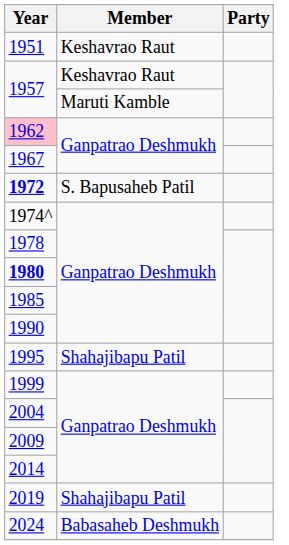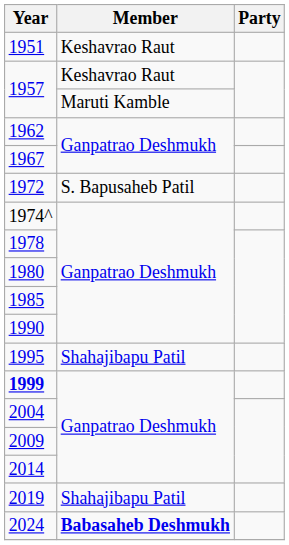 <table class="wikitable">
 <tr>
 <th>Year</th>
 <th>Member</th>
 <th colspan="2">Party</th>
 </tr>
 <tr>
 <td><a href='#'>1951</a></td>
 <td>Keshavrao Raut</td>
 <td></td>
 </tr>
 <tr>
 <td rowspan="2"><a href='#'>1957</a></td>
 <td>Keshavrao Raut</td>
 </tr>
 <tr>
 <td>Maruti Kamble</td>
 </tr>
 <tr>
-<td style="background: pink;"><a href='#'>1962</a></td>
+<td><a href='#'>1962</a></td>
 <td rowspan="2"><a href='#'>Ganpatrao Deshmukh</a></td>
 <td></td>
 </tr>
 <tr>
 <td><a href='#'>1967</a></td>
 </tr>
 <tr>
-<td><strong><a href='#'>1972</a></strong></td>
+<td><a href='#'>1972</a></td>
 <td>S. Bapusaheb Patil</td>
 <td></td>
 </tr>
 <tr>
 <td>1974^</td>
 <td rowspan="5"><a href='#'>Ganpatrao Deshmukh</a></td>
 <td></td>
 </tr>
 <tr>
 <td><a href='#'>1978</a></td>
 </tr>
 <tr>
-<td><strong><a href='#'>1980</a></strong></td>
+<td><a href='#'>1980</a></td>
 </tr>
 <tr>
 <td><a href='#'>1985</a></td>
 </tr>
 <tr>
 <td><a href='#'>1990</a></td>
 </tr>
 <tr>
 <td><a href='#'>1995</a></td>
 <td><a href='#'>Shahajibapu Patil</a></td>
 <td></td>
 </tr>
 <tr>
-<td><a href='#'>1999</a></td>
+<td><strong><a href='#'>1999</a></strong></td>
 <td rowspan="4"><a href='#'>Ganpatrao Deshmukh</a></td>
 <td></td>
 </tr>
 <tr>
 <td><a href='#'>2004</a></td>
 </tr>
 <tr>
 <td><a href='#'>2009</a></td>
 </tr>
 <tr>
 <td><a href='#'>2014</a></td>
 </tr>
 <tr>
 <td><a href='#'>2019</a></td>
 <td><a href='#'>Shahajibapu Patil</a></td>
 <td></td>
 </tr>
 <tr>
 <td><a href='#'>2024</a></td>
-<td><a href='#'>Babasaheb Deshmukh</a></td>
+<td><strong><a href='#'>Babasaheb Deshmukh</a></strong></td>
 <td></td>
 </tr>
 <tr>
 </tr>
 </table>
